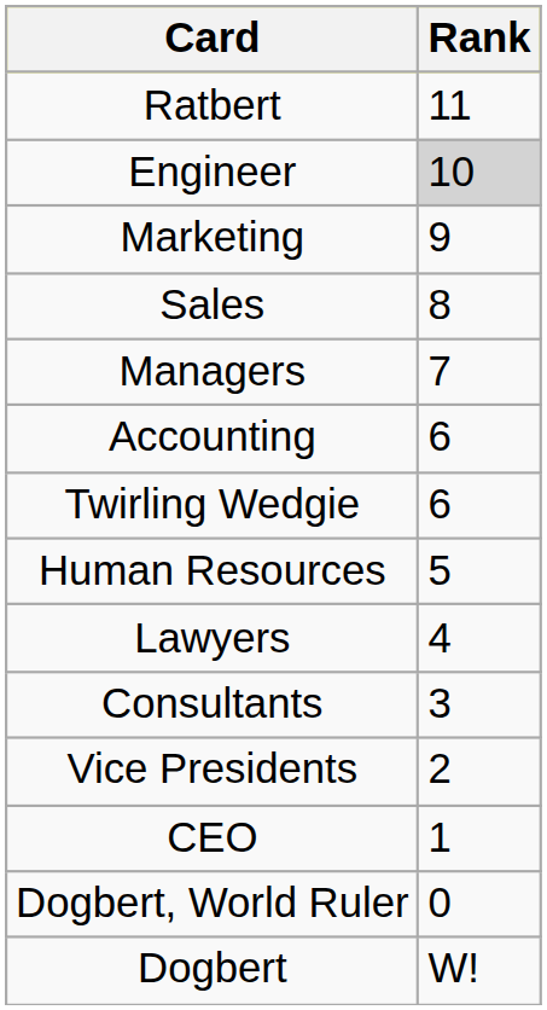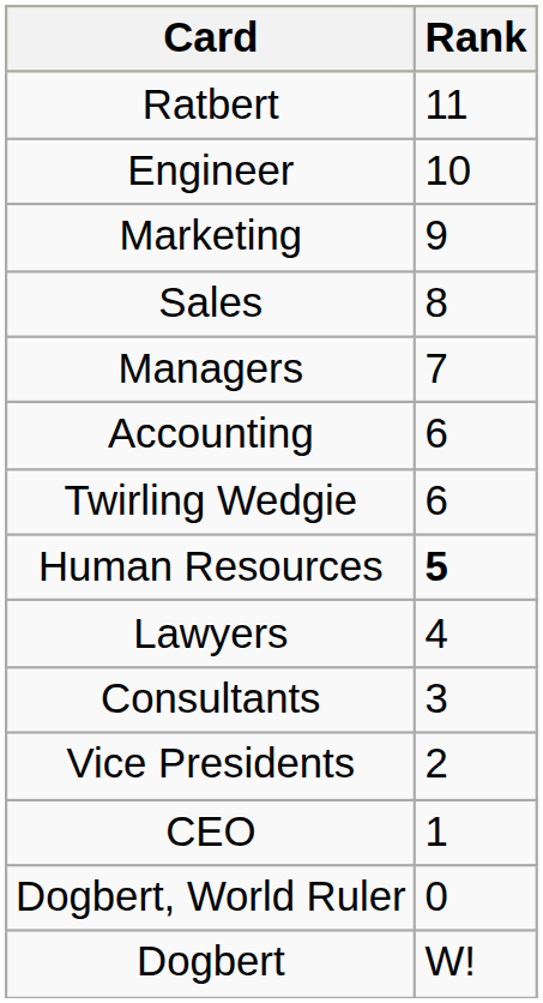 <table class="wikitable">
 <tr bgcolor="#efef">
 <th>Card</th>
 <th>Rank</th>
 </tr>
 <tr>
 <td align=center>Ratbert</td>
 <td>11</td>
 </tr>
 <tr>
 <td align=center>Engineer</td>
-<td style="background: lightgrey;">10</td>
+<td>10</td>
 </tr>
 <tr>
 <td align=center>Marketing</td>
 <td>9</td>
 </tr>
 <tr>
 <td align=center>Sales</td>
 <td>8</td>
 </tr>
 <tr>
 <td align=center>Managers</td>
 <td>7</td>
 </tr>
 <tr>
 <td align=center>Accounting</td>
 <td>6</td>
 </tr>
 <tr>
 <td align=center>Twirling Wedgie</td>
 <td>6</td>
 </tr>
 <tr>
 <td align=center>Human Resources</td>
-<td>5</td>
+<td><strong>5</strong></td>
 </tr>
 <tr>
 <td align=center>Lawyers</td>
 <td>4</td>
 </tr>
 <tr>
 <td align=center>Consultants</td>
 <td>3</td>
 </tr>
 <tr>
 <td align=center>Vice Presidents</td>
 <td>2</td>
 </tr>
 <tr>
 <td align=center>CEO</td>
 <td>1</td>
 </tr>
 <tr>
 <td align=center>Dogbert, World Ruler</td>
 <td>0</td>
 </tr>
 <tr>
 <td align=center>Dogbert</td>
 <td>W!</td>
 </tr>
 </table>
